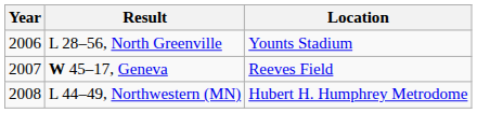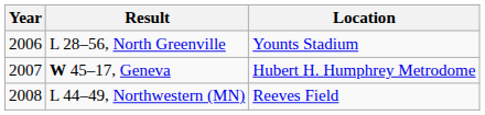 <table class="wikitable">
 <tr>
 <th>Year</th>
 <th>Result</th>
 <th>Location</th>
 </tr>
 <tr>
 <td>2006</td>
 <td>L 28–56, <a href='#'>North Greenville</a></td>
 <td><a href='#'>Younts Stadium</a></td>
 </tr>
 <tr>
 <td>2007</td>
 <td><strong>W</strong> 45–17, <a href='#'>Geneva</a></td>
-<td><a href='#'>Reeves Field</a></td>
+<td><a href='#'>Hubert H. Humphrey Metrodome</a></td>
 </tr>
 <tr>
 <td>2008</td>
 <td>L 44–49, <a href='#'>Northwestern (MN)</a></td>
-<td><a href='#'>Hubert H. Humphrey Metrodome</a></td>
+<td><a href='#'>Reeves Field</a></td>
 </tr>
 </table>
